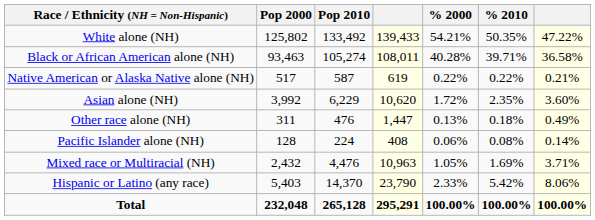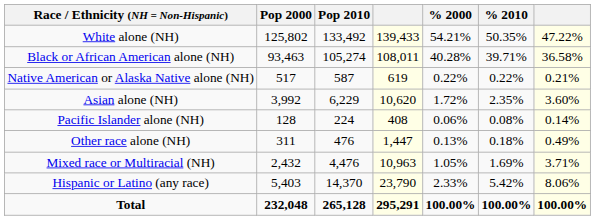 <table class="wikitable" style="text-align:center;">
 <tr>
 <th>Race / Ethnicity <small>(<em>NH = Non-Hispanic</em>)</small></th>
 <th>Pop 2000</th>
 <th>Pop 2010</th>
 <th></th>
 <th>% 2000</th>
 <th>% 2010</th>
 <th></th>
 </tr>
 <tr>
 <td><a href='#'>White</a> alone (NH)</td>
 <td>125,802</td>
 <td>133,492</td>
 <td style='background: #ffffe6;'>139,433</td>
 <td>54.21%</td>
 <td>50.35%</td>
 <td style='background: #ffffe6;'>47.22%</td>
 </tr>
 <tr>
 <td><a href='#'>Black or African American</a> alone (NH)</td>
 <td>93,463</td>
 <td>105,274</td>
 <td style='background: #ffffe6;'>108,011</td>
 <td>40.28%</td>
 <td>39.71%</td>
 <td style='background: #ffffe6;'>36.58%</td>
 </tr>
 <tr>
 <td><a href='#'>Native American</a> or <a href='#'>Alaska Native</a> alone (NH)</td>
 <td>517</td>
 <td>587</td>
 <td style='background: #ffffe6;'>619</td>
 <td>0.22%</td>
 <td>0.22%</td>
 <td style='background: #ffffe6;'>0.21%</td>
 </tr>
 <tr>
 <td><a href='#'>Asian</a> alone (NH)</td>
 <td>3,992</td>
 <td>6,229</td>
 <td style='background: #ffffe6;'>10,620</td>
 <td>1.72%</td>
 <td>2.35%</td>
 <td style='background: #ffffe6;'>3.60%</td>
 </tr>
 <tr>
+<td><a href='#'>Pacific Islander</a> alone (NH)</td>
+<td>128</td>
+<td>224</td>
+<td style='background: #ffffe6;'>408</td>
+<td>0.06%</td>
+<td>0.08%</td>
+<td style='background: #ffffe6;'>0.14%</td>
+</tr>
+<tr>
 <td><a href='#'>Other race</a> alone (NH)</td>
 <td>311</td>
 <td>476</td>
 <td style='background: #ffffe6;'>1,447</td>
 <td>0.13%</td>
 <td>0.18%</td>
 <td style='background: #ffffe6;'>0.49%</td>
-</tr>
-<tr>
-<td><a href='#'>Pacific Islander</a> alone (NH)</td>
-<td>128</td>
-<td>224</td>
-<td style='background: #ffffe6;'>408</td>
-<td>0.06%</td>
-<td>0.08%</td>
-<td style='background: #ffffe6;'>0.14%</td>
 </tr>
 <tr>
 <td><a href='#'>Mixed race or Multiracial</a> (NH)</td>
 <td>2,432</td>
 <td>4,476</td>
 <td style='background: #ffffe6;'>10,963</td>
 <td>1.05%</td>
 <td>1.69%</td>
 <td style='background: #ffffe6;'>3.71%</td>
 </tr>
 <tr>
 <td><a href='#'>Hispanic or Latino</a> (any race)</td>
 <td>5,403</td>
 <td>14,370</td>
 <td style='background: #ffffe6;'>23,790</td>
 <td>2.33%</td>
 <td>5.42%</td>
 <td style='background: #ffffe6;'>8.06%</td>
 </tr>
 <tr>
 <td><strong>Total</strong></td>
 <td><strong>232,048</strong></td>
 <td><strong>265,128</strong></td>
 <td style='background: #ffffe6;'><strong>295,291</strong></td>
 <td><strong>100.00%</strong></td>
 <td><strong>100.00%</strong></td>
 <td style='background: #ffffe6;'><strong>100.00%</strong></td>
 </tr>
 </table>
